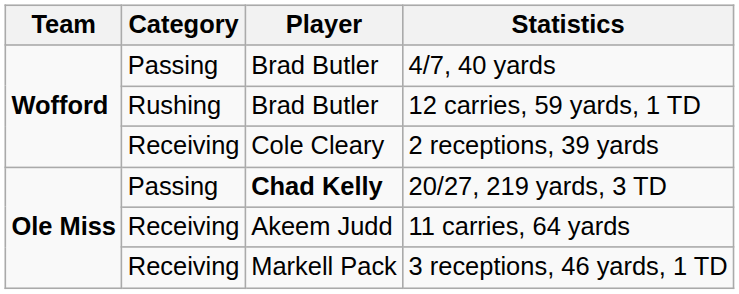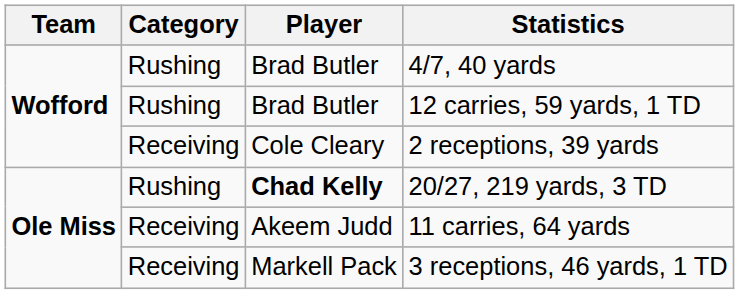 <table class="wikitable" style="float: right;">
 <tr>
 <th>Team</th>
 <th>Category</th>
 <th>Player</th>
 <th>Statistics</th>
 </tr>
 <tr>
 <td rowspan=3><strong>Wofford</strong></td>
-<td>Passing</td>
+<td>Rushing</td>
 <td>Brad Butler</td>
 <td>4/7, 40 yards</td>
 </tr>
 <tr>
 <td>Rushing</td>
 <td>Brad Butler</td>
 <td>12 carries, 59 yards, 1 TD</td>
 </tr>
 <tr>
 <td>Receiving</td>
 <td>Cole Cleary</td>
 <td>2 receptions, 39 yards</td>
 </tr>
 <tr>
 <td rowspan=3><strong>Ole Miss</strong></td>
-<td>Passing</td>
+<td>Rushing</td>
 <td><strong>Chad Kelly</strong></td>
 <td>20/27, 219 yards, 3 TD</td>
 </tr>
 <tr>
 <td>Receiving</td>
 <td>Akeem Judd</td>
 <td>11 carries, 64 yards</td>
 </tr>
 <tr>
 <td>Receiving</td>
 <td>Markell Pack</td>
 <td>3 receptions, 46 yards, 1 TD</td>
 </tr>
 </table>
